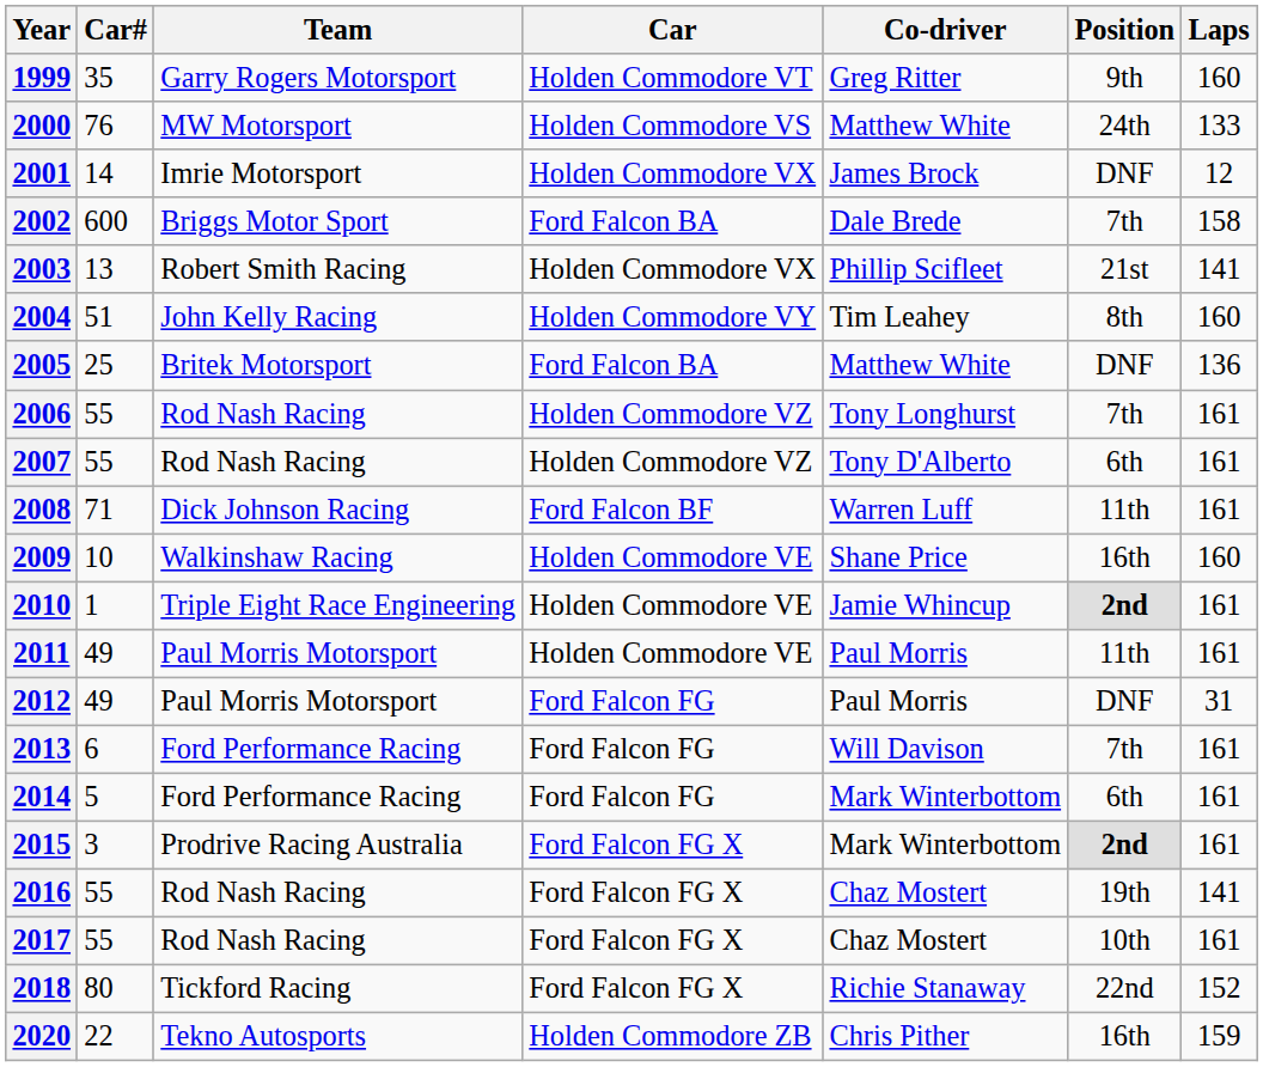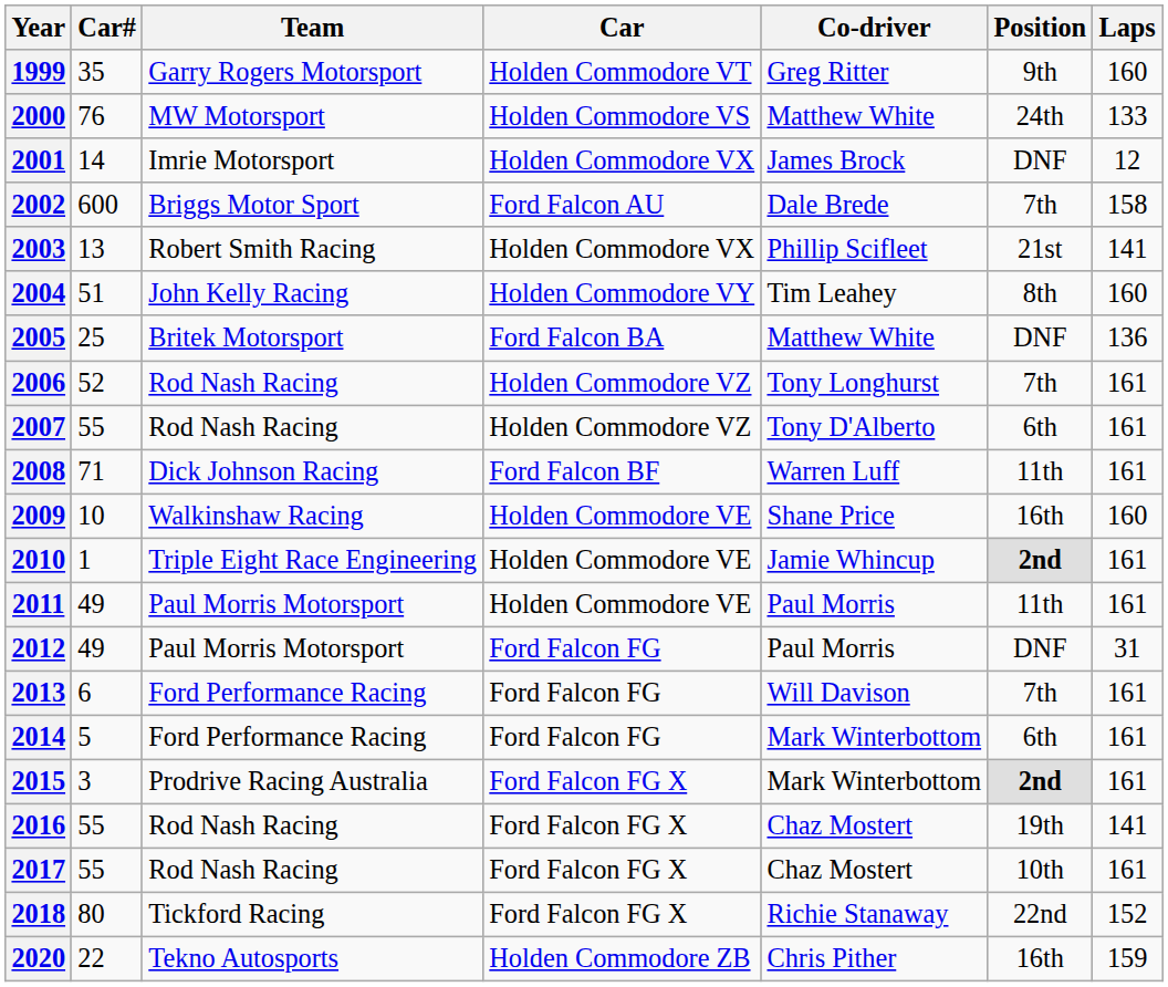 <table class="wikitable" style="font-size: 95%;">
 <tr>
 <th>Year</th>
 <th>Car#</th>
 <th>Team</th>
 <th>Car</th>
 <th>Co-driver</th>
 <th>Position</th>
 <th>Laps</th>
 </tr>
 <tr>
 <th><a href='#'>1999</a></th>
 <td>35</td>
 <td><a href='#'>Garry Rogers Motorsport</a></td>
 <td><a href='#'>Holden Commodore VT</a></td>
 <td> <a href='#'>Greg Ritter</a></td>
 <td align=center>9th</td>
 <td align=center>160</td>
 </tr>
 <tr>
 <th><a href='#'>2000</a></th>
 <td>76</td>
 <td><a href='#'>MW Motorsport</a></td>
 <td><a href='#'>Holden Commodore VS</a></td>
 <td> <a href='#'>Matthew White</a></td>
 <td align=center>24th</td>
 <td align=center>133</td>
 </tr>
 <tr>
 <th><a href='#'>2001</a></th>
 <td>14</td>
 <td>Imrie Motorsport</td>
 <td><a href='#'>Holden Commodore VX</a></td>
 <td> <a href='#'>James Brock</a></td>
 <td align=center>DNF</td>
 <td align=center>12</td>
 </tr>
 <tr>
 <th><a href='#'>2002</a></th>
 <td>600</td>
 <td><a href='#'>Briggs Motor Sport</a></td>
-<td><a href='#'>Ford Falcon BA</a></td>
+<td><a href='#'>Ford Falcon AU</a></td>
 <td> <a href='#'>Dale Brede</a></td>
 <td align=center>7th</td>
 <td align=center>158</td>
 </tr>
 <tr>
 <th><a href='#'>2003</a></th>
 <td>13</td>
 <td>Robert Smith Racing</td>
 <td>Holden Commodore VX</td>
 <td> <a href='#'>Phillip Scifleet</a></td>
 <td align=center>21st</td>
 <td align=center>141</td>
 </tr>
 <tr>
 <th><a href='#'>2004</a></th>
 <td>51</td>
 <td><a href='#'>John Kelly Racing</a></td>
 <td><a href='#'>Holden Commodore VY</a></td>
 <td> Tim Leahey</td>
 <td align=center>8th</td>
 <td align=center>160</td>
 </tr>
 <tr>
 <th><a href='#'>2005</a></th>
 <td>25</td>
 <td><a href='#'>Britek Motorsport</a></td>
 <td><a href='#'>Ford Falcon BA</a></td>
 <td> <a href='#'>Matthew White</a></td>
 <td align=center>DNF</td>
 <td align=center>136</td>
 </tr>
 <tr>
 <th><a href='#'>2006</a></th>
-<td>55</td>
+<td>52</td>
 <td><a href='#'>Rod Nash Racing</a></td>
 <td><a href='#'>Holden Commodore VZ</a></td>
 <td> <a href='#'>Tony Longhurst</a></td>
 <td align=center>7th</td>
 <td align=center>161</td>
 </tr>
 <tr>
 <th><a href='#'>2007</a></th>
 <td>55</td>
 <td>Rod Nash Racing</td>
 <td>Holden Commodore VZ</td>
 <td> <a href='#'>Tony D'Alberto</a></td>
 <td align=center>6th</td>
 <td align=center>161</td>
 </tr>
 <tr>
 <th><a href='#'>2008</a></th>
 <td>71</td>
 <td><a href='#'>Dick Johnson Racing</a></td>
 <td><a href='#'>Ford Falcon BF</a></td>
 <td> <a href='#'>Warren Luff</a></td>
 <td align=center>11th</td>
 <td align=center>161</td>
 </tr>
 <tr>
 <th><a href='#'>2009</a></th>
 <td>10</td>
 <td><a href='#'>Walkinshaw Racing</a></td>
 <td><a href='#'>Holden Commodore VE</a></td>
 <td> <a href='#'>Shane Price</a></td>
 <td align=center>16th</td>
 <td align=center>160</td>
 </tr>
 <tr>
 <th><a href='#'>2010</a></th>
 <td>1</td>
 <td><a href='#'>Triple Eight Race Engineering</a></td>
 <td>Holden Commodore VE</td>
 <td> <a href='#'>Jamie Whincup</a></td>
 <td align=center style="background:#dfdfdf;"><strong>2nd</strong></td>
 <td align=center>161</td>
 </tr>
 <tr>
 <th><a href='#'>2011</a></th>
 <td>49</td>
 <td><a href='#'>Paul Morris Motorsport</a></td>
 <td>Holden Commodore VE</td>
 <td> <a href='#'>Paul Morris</a></td>
 <td align=center>11th</td>
 <td align=center>161</td>
 </tr>
 <tr>
 <th><a href='#'>2012</a></th>
 <td>49</td>
 <td>Paul Morris Motorsport</td>
 <td><a href='#'>Ford Falcon FG</a></td>
 <td> Paul Morris</td>
 <td align="center">DNF</td>
 <td align=center>31</td>
 </tr>
 <tr>
 <th><a href='#'>2013</a></th>
 <td>6</td>
 <td><a href='#'>Ford Performance Racing</a></td>
 <td>Ford Falcon FG</td>
 <td> <a href='#'>Will Davison</a></td>
 <td align=center>7th</td>
 <td align=center>161</td>
 </tr>
 <tr>
 <th><a href='#'>2014</a></th>
 <td>5</td>
 <td>Ford Performance Racing</td>
 <td>Ford Falcon FG</td>
 <td> <a href='#'>Mark Winterbottom</a></td>
 <td align=center>6th</td>
 <td align=center>161</td>
 </tr>
 <tr>
 <th><a href='#'>2015</a></th>
 <td>3</td>
 <td>Prodrive Racing Australia</td>
 <td><a href='#'>Ford Falcon FG X</a></td>
 <td> Mark Winterbottom</td>
 <td align=center style="background:#dfdfdf;"><strong>2nd</strong></td>
 <td align=center>161</td>
 </tr>
 <tr>
 <th><a href='#'>2016</a></th>
 <td>55</td>
 <td>Rod Nash Racing</td>
 <td>Ford Falcon FG X</td>
 <td> <a href='#'>Chaz Mostert</a></td>
 <td align=center>19th</td>
 <td align=center>141</td>
 </tr>
 <tr>
 <th><a href='#'>2017</a></th>
 <td>55</td>
 <td>Rod Nash Racing</td>
 <td>Ford Falcon FG X</td>
 <td> Chaz Mostert</td>
 <td align=center>10th</td>
 <td align=center>161</td>
 </tr>
 <tr>
 <th><a href='#'>2018</a></th>
 <td>80</td>
 <td>Tickford Racing</td>
 <td>Ford Falcon FG X</td>
 <td> <a href='#'>Richie Stanaway</a></td>
 <td align="center">22nd</td>
 <td align="center">152</td>
 </tr>
 <tr>
 <th><a href='#'>2020</a></th>
 <td>22</td>
 <td><a href='#'>Tekno Autosports</a></td>
 <td><a href='#'>Holden Commodore ZB</a></td>
 <td> <a href='#'>Chris Pither</a></td>
 <td align="center">16th</td>
 <td align="center">159</td>
 </tr>
 </table>
